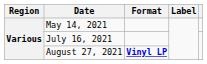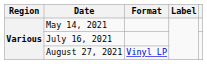 <table class="wikitable plainrowheaders">
 <tr>
 <th scope="col">Region</th>
 <th scope="col">Date</th>
 <th scope="col">Format</th>
 <th scope="col">Label</th>
 <th scope="col"></th>
 </tr>
 <tr>
 <th scope="row" rowspan="3">Various</th>
 <td>May 14, 2021</td>
 <td></td>
 <td rowspan="3"></td>
 <td align="center"></td>
 </tr>
 <tr>
 <td>July 16, 2021</td>
 <td></td>
 <td rowspan="2"></td>
 </tr>
 <tr>
 <td>August 27, 2021</td>
-<td><strong><a href='#'>Vinyl LP</a></strong></td>
+<td><a href='#'>Vinyl LP</a></td>
 </tr>
 </table>
